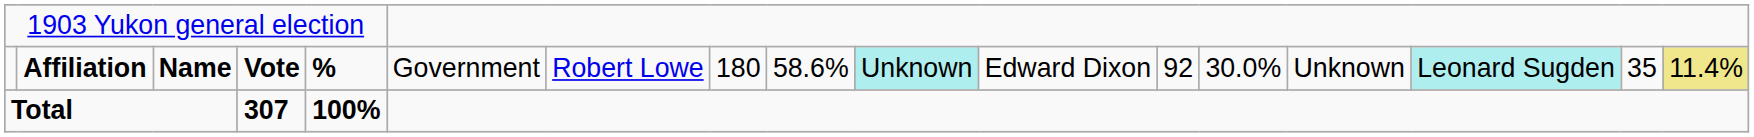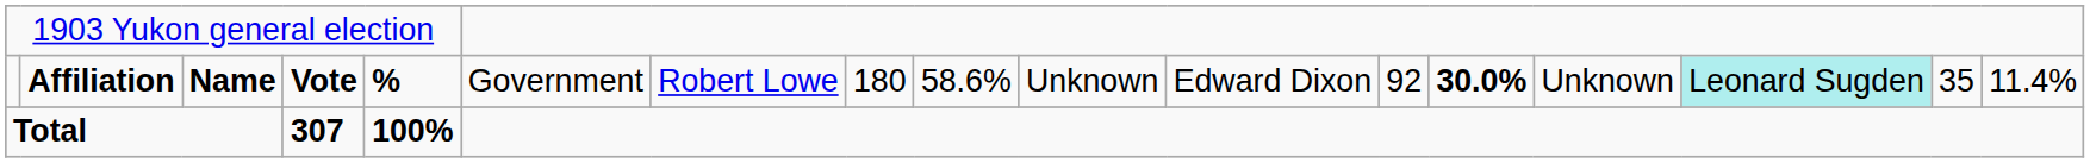 <table class="wikitable">
 <tr>
 <td colspan=5 align=center><a href='#'>1903 Yukon general election</a></td>
 </tr>
 <tr>
 <td></td>
 <td><strong>Affiliation</strong></td>
 <td><strong>Name </strong></td>
 <td><strong>Vote</strong></td>
 <td><strong>%</strong><br></td>
 <td>Government</td>
 <td><a href='#'>Robert Lowe</a></td>
 <td>180</td>
 <td>58.6%<br></td>
-<td style="background: paleturquoise;">Unknown</td>
+<td>Unknown</td>
 <td>Edward Dixon</td>
 <td>92</td>
-<td>30.0%<br></td>
+<td><strong>30.0%<br></strong></td>
 <td>Unknown</td>
 <td style="background: paleturquoise;">Leonard Sugden</td>
 <td>35</td>
-<td style="background: khaki;">11.4%</td>
+<td>11.4%</td>
 </tr>
 <tr>
 <td colspan=3><strong>Total</strong></td>
 <td><strong>307</strong></td>
 <td><strong>100%</strong></td>
 </tr>
 </table>
